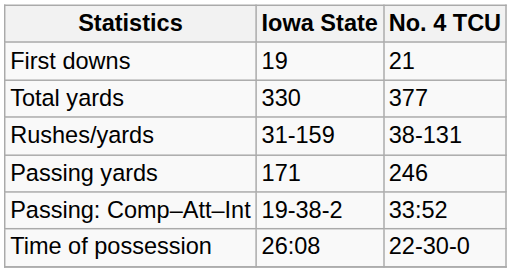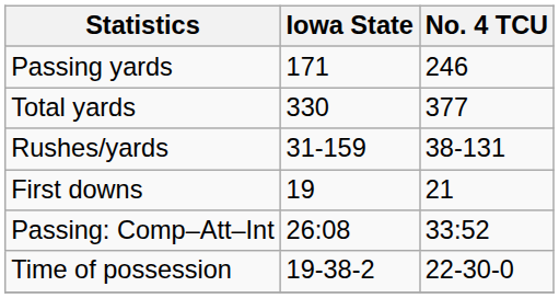 <table class="wikitable" style="float: left;">
 <tr>
 <th>Statistics</th>
 <th>Iowa State</th>
 <th>No. 4 TCU</th>
 </tr>
 <tr>
-<td>First downs</td>
-<td>19</td>
-<td>21</td>
+<td>Passing yards</td>
+<td>171</td>
+<td>246</td>
 </tr>
 <tr>
 <td>Total yards</td>
 <td>330</td>
 <td>377</td>
 </tr>
 <tr>
 <td>Rushes/yards</td>
 <td>31-159</td>
 <td>38-131</td>
 </tr>
 <tr>
-<td>Passing yards</td>
-<td>171</td>
-<td>246</td>
+<td>First downs</td>
+<td>19</td>
+<td>21</td>
 </tr>
 <tr>
 <td>Passing: Comp–Att–Int</td>
-<td>19-38-2</td>
+<td>26:08</td>
 <td>33:52</td>
 </tr>
 <tr>
 <td>Time of possession</td>
-<td>26:08</td>
+<td>19-38-2</td>
 <td>22-30-0</td>
 </tr>
 <tr>
 </tr>
 </table>
